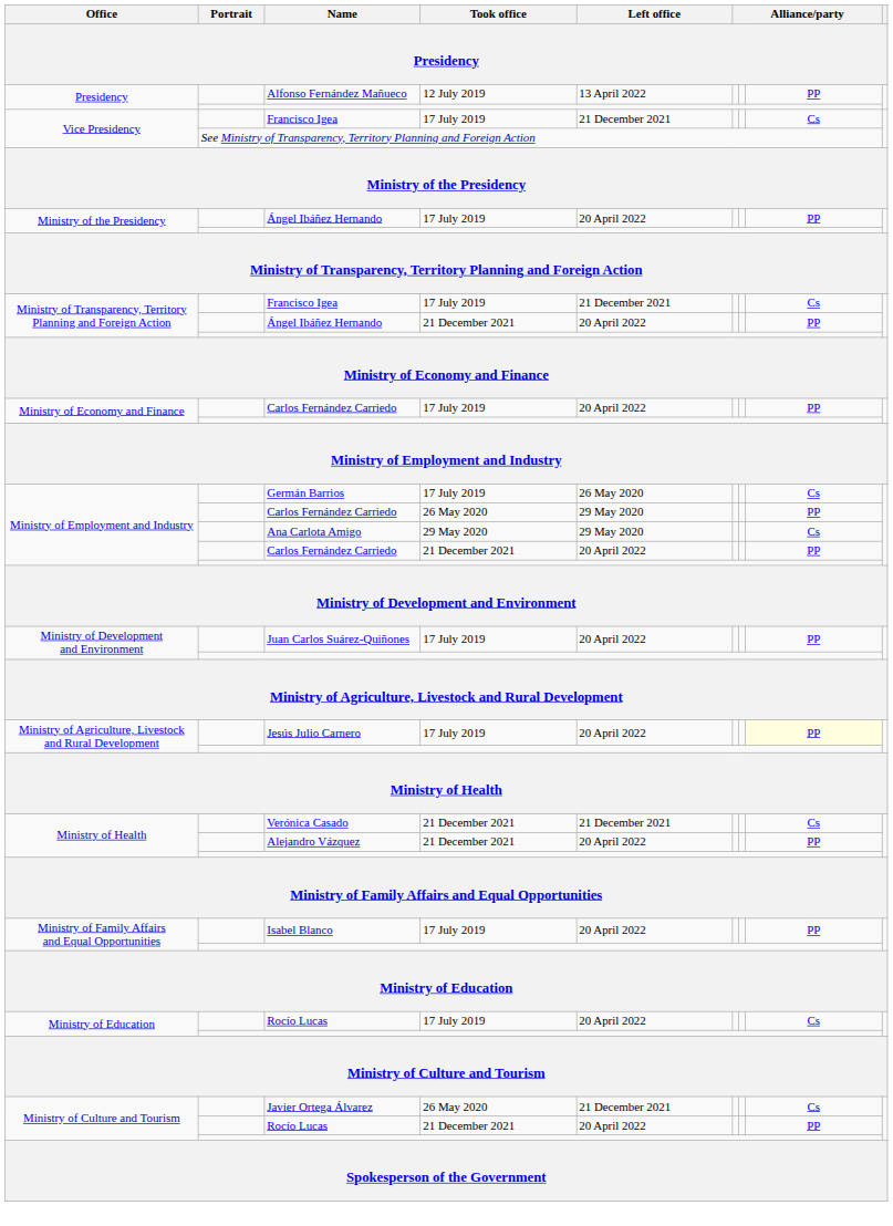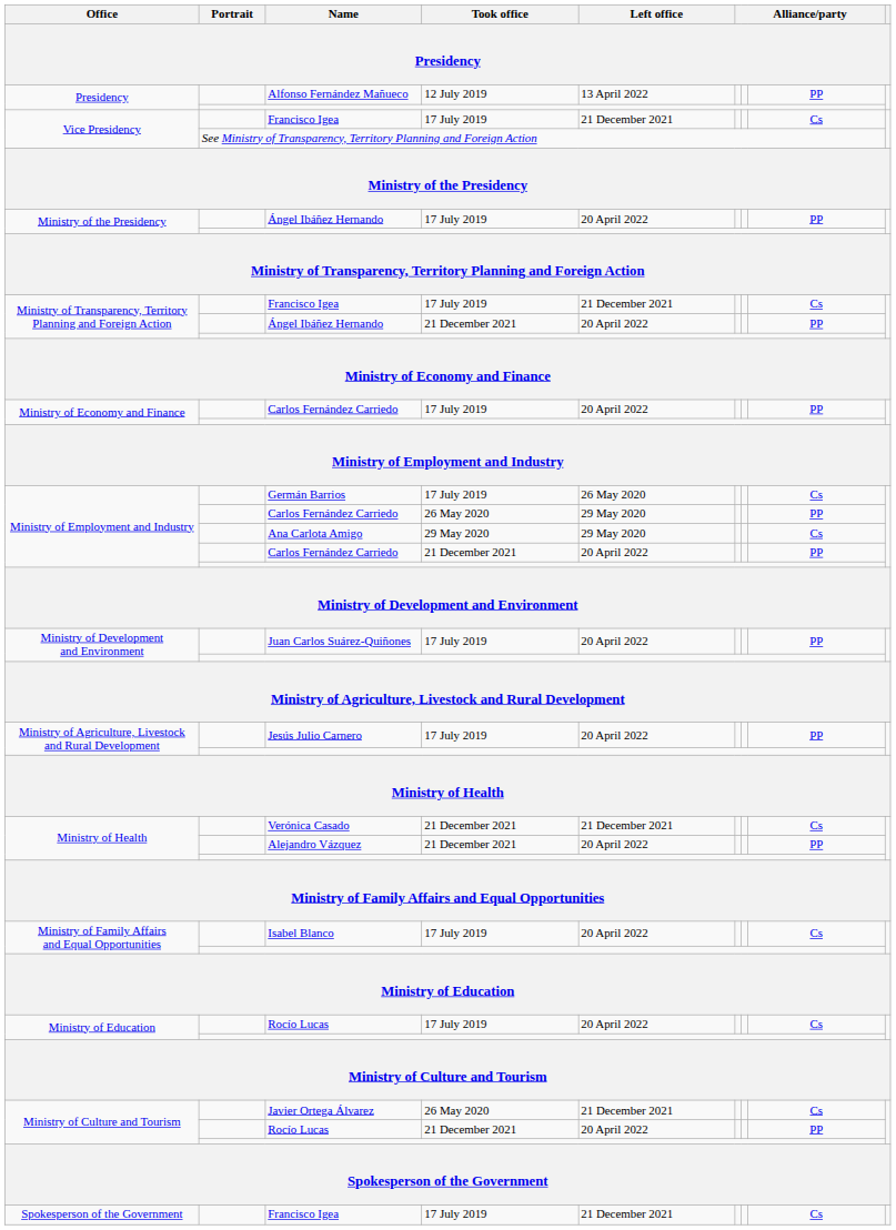 <table class="wikitable" style="line-height:18px;">
 <tr>
 <th scope="col">Office<br></th>
 <th scope="col">Portrait</th>
 <th scope="col">Name</th>
 <th scope="col">Took office</th>
 <th scope="col">Left office</th>
 <th colspan="3" scope="col">Alliance/party</th>
 <th></th>
 </tr>
 <tr>
 <th colspan="9"><br><h3><a href='#'>Presidency</a></h3></th>
 </tr>
 <tr>
 <td align="center" rowspan="2" width="250"><a href='#'>Presidency</a><br></td>
 <td width="80"></td>
 <td width="200"><a href='#'>Alfonso Fernández Mañueco</a></td>
 <td width="200">12 July 2019</td>
 <td width="200">13 April 2022</td>
 <td width="1" style="background-color:"></td>
 <td width="1" style="background-color:"></td>
 <td width="175" align="center"><a href='#'>PP</a></td>
 <td align="center" rowspan="2"></td>
 </tr>
 <tr>
 <td colspan="7"></td>
 </tr>
 <tr>
 <td align="center" rowspan="2"><a href='#'>Vice Presidency</a><br></td>
 <td></td>
 <td><a href='#'>Francisco Igea</a></td>
 <td>17 July 2019</td>
 <td>21 December 2021</td>
 <td style="background-color:"></td>
 <td style="background-color:"></td>
 <td align="center"><a href='#'>Cs</a></td>
 <td align="center" rowspan="2"></td>
 </tr>
 <tr>
 <td colspan="7"><em>See <a href='#'>Ministry of Transparency, Territory Planning and Foreign Action</a></em></td>
 </tr>
 <tr>
 <th colspan="9"><br><h3><a href='#'>Ministry of the Presidency</a></h3></th>
 </tr>
 <tr>
 <td align="center" rowspan="2"><a href='#'>Ministry of the Presidency</a><br></td>
 <td></td>
 <td><a href='#'>Ángel Ibáñez Hernando</a></td>
 <td>17 July 2019</td>
 <td>20 April 2022</td>
 <td style="background-color:"></td>
 <td style="background-color:"></td>
 <td align="center"><a href='#'>PP</a></td>
 <td align="center" rowspan="2"></td>
 </tr>
 <tr>
 <td colspan="7"></td>
 </tr>
 <tr>
 <th colspan="9"><br><h3><a href='#'>Ministry of Transparency, Territory Planning and Foreign Action</a></h3></th>
 </tr>
 <tr>
 <td align="center" rowspan="3"><a href='#'>Ministry of Transparency, Territory<br>Planning and Foreign Action</a><br></td>
 <td></td>
 <td><a href='#'>Francisco Igea</a></td>
 <td>17 July 2019</td>
 <td>21 December 2021</td>
 <td style="background-color:"></td>
 <td style="background-color:"></td>
 <td align="center"><a href='#'>Cs</a></td>
 <td align="center" rowspan="3"></td>
 </tr>
 <tr>
 <td></td>
 <td><a href='#'>Ángel Ibáñez Hernando</a><br></td>
 <td>21 December 2021</td>
 <td>20 April 2022</td>
 <td style="background-color:"></td>
 <td style="background-color:"></td>
 <td align="center"><a href='#'>PP</a></td>
 </tr>
 <tr>
 <td colspan="7"></td>
 </tr>
 <tr>
 <th colspan="9"><br><h3><a href='#'>Ministry of Economy and Finance</a></h3></th>
 </tr>
 <tr>
 <td align="center" rowspan="2"><a href='#'>Ministry of Economy and Finance</a><br></td>
 <td></td>
 <td><a href='#'>Carlos Fernández Carriedo</a></td>
 <td>17 July 2019</td>
 <td>20 April 2022</td>
 <td style="background-color:"></td>
 <td style="background-color:"></td>
 <td align="center"><a href='#'>PP</a></td>
 <td align="center" rowspan="2"></td>
 </tr>
 <tr>
 <td colspan="7"></td>
 </tr>
 <tr>
 <th colspan="9"><br><h3><a href='#'>Ministry of Employment and Industry</a></h3></th>
 </tr>
 <tr>
 <td align="center" rowspan="5"><a href='#'>Ministry of Employment and Industry</a><br></td>
 <td></td>
 <td><a href='#'>Germán Barrios</a></td>
 <td>17 July 2019</td>
 <td>26 May 2020<br></td>
 <td style="background-color:"></td>
 <td style="background-color:"></td>
 <td align="center"><a href='#'>Cs</a></td>
 <td align="center" rowspan="5"></td>
 </tr>
 <tr>
 <td></td>
 <td><a href='#'>Carlos Fernández Carriedo</a><br></td>
 <td>26 May 2020</td>
 <td>29 May 2020</td>
 <td style="background-color:"></td>
 <td style="background-color:"></td>
 <td align="center"><a href='#'>PP</a></td>
 </tr>
 <tr>
 <td></td>
 <td><a href='#'>Ana Carlota Amigo</a></td>
 <td>29 May 2020</td>
 <td>29 May 2020</td>
 <td style="background-color:"></td>
 <td style="background-color:"></td>
 <td align="center"><a href='#'>Cs</a></td>
 </tr>
 <tr>
 <td></td>
 <td><a href='#'>Carlos Fernández Carriedo</a><br></td>
 <td>21 December 2021</td>
 <td>20 April 2022</td>
 <td style="background-color:"></td>
 <td style="background-color:"></td>
 <td align="center"><a href='#'>PP</a></td>
 </tr>
 <tr>
 <td colspan="7"></td>
 </tr>
 <tr>
 <th colspan="9"><br><h3><a href='#'>Ministry of Development and Environment</a></h3></th>
 </tr>
 <tr>
 <td align="center" rowspan="2"><a href='#'>Ministry of Development<br>and Environment</a><br></td>
 <td></td>
 <td><a href='#'>Juan Carlos Suárez-Quiñones</a></td>
 <td>17 July 2019</td>
 <td>20 April 2022</td>
 <td style="background-color:"></td>
 <td style="background-color:"></td>
 <td align="center"><a href='#'>PP</a></td>
 <td align="center" rowspan="2"></td>
 </tr>
 <tr>
 <td colspan="7"></td>
 </tr>
 <tr>
 <th colspan="9"><br><h3><a href='#'>Ministry of Agriculture, Livestock and Rural Development</a></h3></th>
 </tr>
 <tr>
 <td align="center" rowspan="2"><a href='#'>Ministry of Agriculture, Livestock<br>and Rural Development</a><br></td>
 <td></td>
 <td><a href='#'>Jesús Julio Carnero</a></td>
 <td>17 July 2019</td>
 <td>20 April 2022</td>
 <td style="background-color:"></td>
 <td style="background-color:"></td>
-<td align="center" style="background: lightyellow;"><a href='#'>PP</a></td>
+<td align="center"><a href='#'>PP</a></td>
 <td align="center" rowspan="2"></td>
 </tr>
 <tr>
 <td colspan="7"></td>
 </tr>
 <tr>
 <th colspan="9"><br><h3><a href='#'>Ministry of Health</a></h3></th>
 </tr>
 <tr>
 <td align="center" rowspan="3"><a href='#'>Ministry of Health</a><br></td>
 <td></td>
 <td><a href='#'>Verónica Casado</a></td>
 <td>21 December 2021</td>
 <td>21 December 2021</td>
 <td style="background-color:"></td>
 <td style="background-color:"></td>
 <td align="center"><a href='#'>Cs</a></td>
 <td align="center" rowspan="3"></td>
 </tr>
 <tr>
 <td></td>
 <td><a href='#'>Alejandro Vázquez</a></td>
 <td>21 December 2021</td>
 <td>20 April 2022</td>
 <td style="background-color:"></td>
 <td style="background-color:"></td>
 <td align="center"><a href='#'>PP</a></td>
 </tr>
 <tr>
 <td colspan="7"></td>
 </tr>
 <tr>
 <th colspan="9"><br><h3><a href='#'>Ministry of Family Affairs and Equal Opportunities</a></h3></th>
 </tr>
 <tr>
 <td align="center" rowspan="2"><a href='#'>Ministry of Family Affairs<br>and Equal Opportunities</a><br></td>
 <td></td>
 <td><a href='#'>Isabel Blanco</a></td>
 <td>17 July 2019</td>
 <td>20 April 2022</td>
 <td style="background-color:"></td>
 <td style="background-color:"></td>
-<td align="center"><a href='#'>PP</a></td>
+<td align="center"><a href='#'>Cs</a></td>
 <td align="center" rowspan="2"></td>
 </tr>
 <tr>
 <td colspan="7"></td>
 </tr>
 <tr>
 <th colspan="9"><br><h3><a href='#'>Ministry of Education</a></h3></th>
 </tr>
 <tr>
 <td align="center" rowspan="2"><a href='#'>Ministry of Education</a><br></td>
 <td></td>
 <td><a href='#'>Rocío Lucas</a></td>
 <td>17 July 2019</td>
 <td>20 April 2022</td>
 <td style="background-color:"></td>
 <td style="background-color:"></td>
 <td align="center"><a href='#'>Cs</a></td>
 <td align="center" rowspan="2"></td>
 </tr>
 <tr>
 <td colspan="7"></td>
 </tr>
 <tr>
 <th colspan="9"><br><h3><a href='#'>Ministry of Culture and Tourism</a></h3></th>
 </tr>
 <tr>
 <td align="center" rowspan="3"><a href='#'>Ministry of Culture and Tourism</a><br></td>
 <td></td>
 <td><a href='#'>Javier Ortega Álvarez</a></td>
 <td>26 May 2020</td>
 <td>21 December 2021</td>
 <td style="background-color:"></td>
 <td style="background-color:"></td>
 <td align="center"><a href='#'>Cs</a></td>
 <td align="center" rowspan="3"></td>
 </tr>
 <tr>
 <td></td>
 <td><a href='#'>Rocío Lucas</a><br></td>
 <td>21 December 2021</td>
 <td>20 April 2022</td>
 <td style="background-color:"></td>
 <td style="background-color:"></td>
 <td align="center"><a href='#'>PP</a></td>
 </tr>
 <tr>
 <td colspan="7"></td>
 </tr>
 <tr>
 <th colspan="9"><br><h3><a href='#'>Spokesperson of the Government</a></h3></th>
 </tr>
+<tr>
+<td align="center"><a href='#'>Spokesperson of the Government</a><br></td>
+<td></td>
+<td><a href='#'>Francisco Igea</a></td>
+<td>17 July 2019</td>
+<td>21 December 2021</td>
+<td style="background-color:"></td>
+<td style="background-color:"></td>
+<td align="center"><a href='#'>Cs</a></td>
+<td align="center"></td>
+</tr>
 </table>
